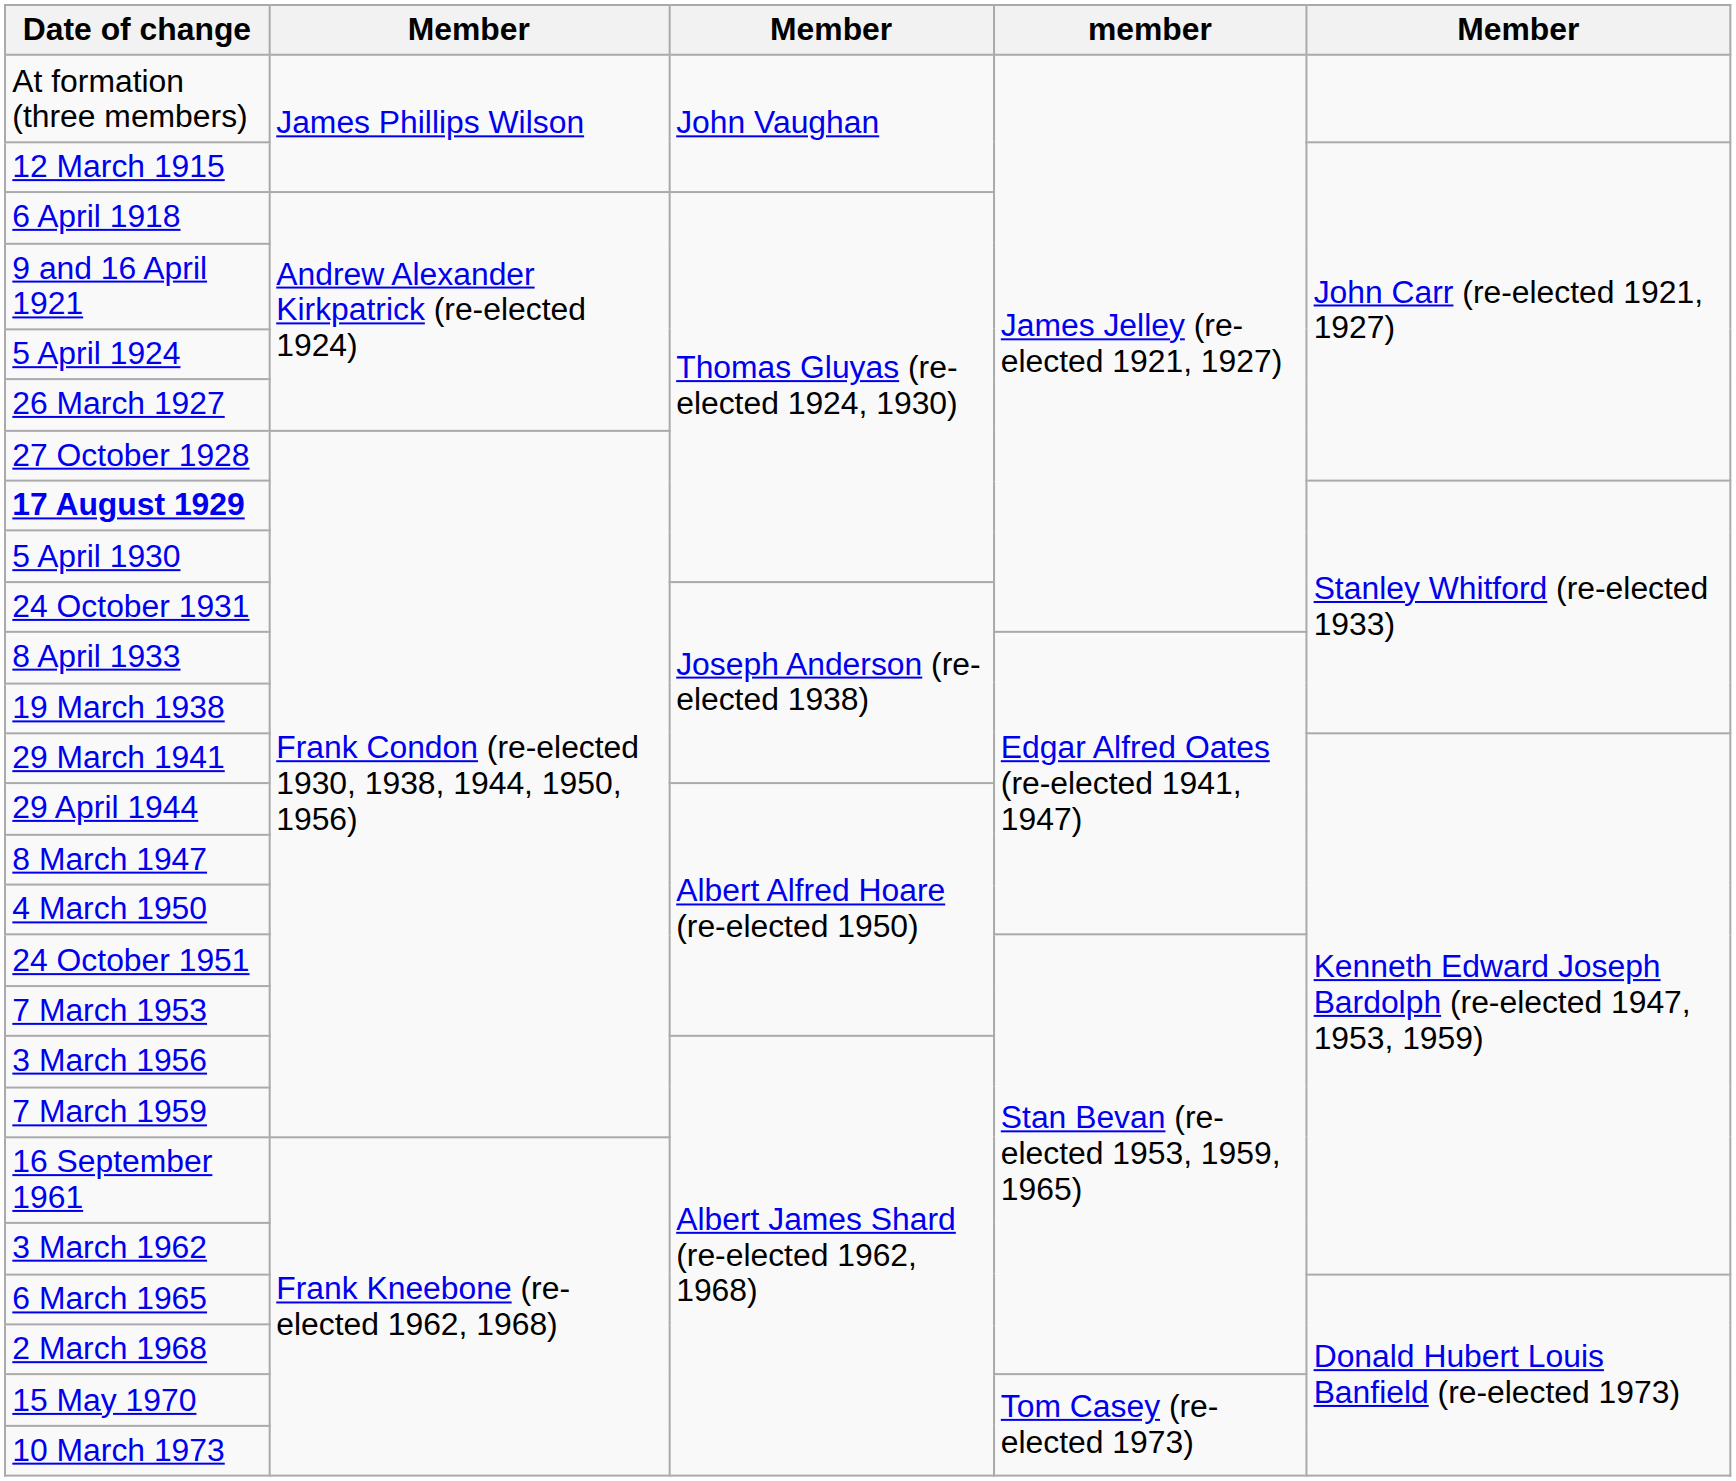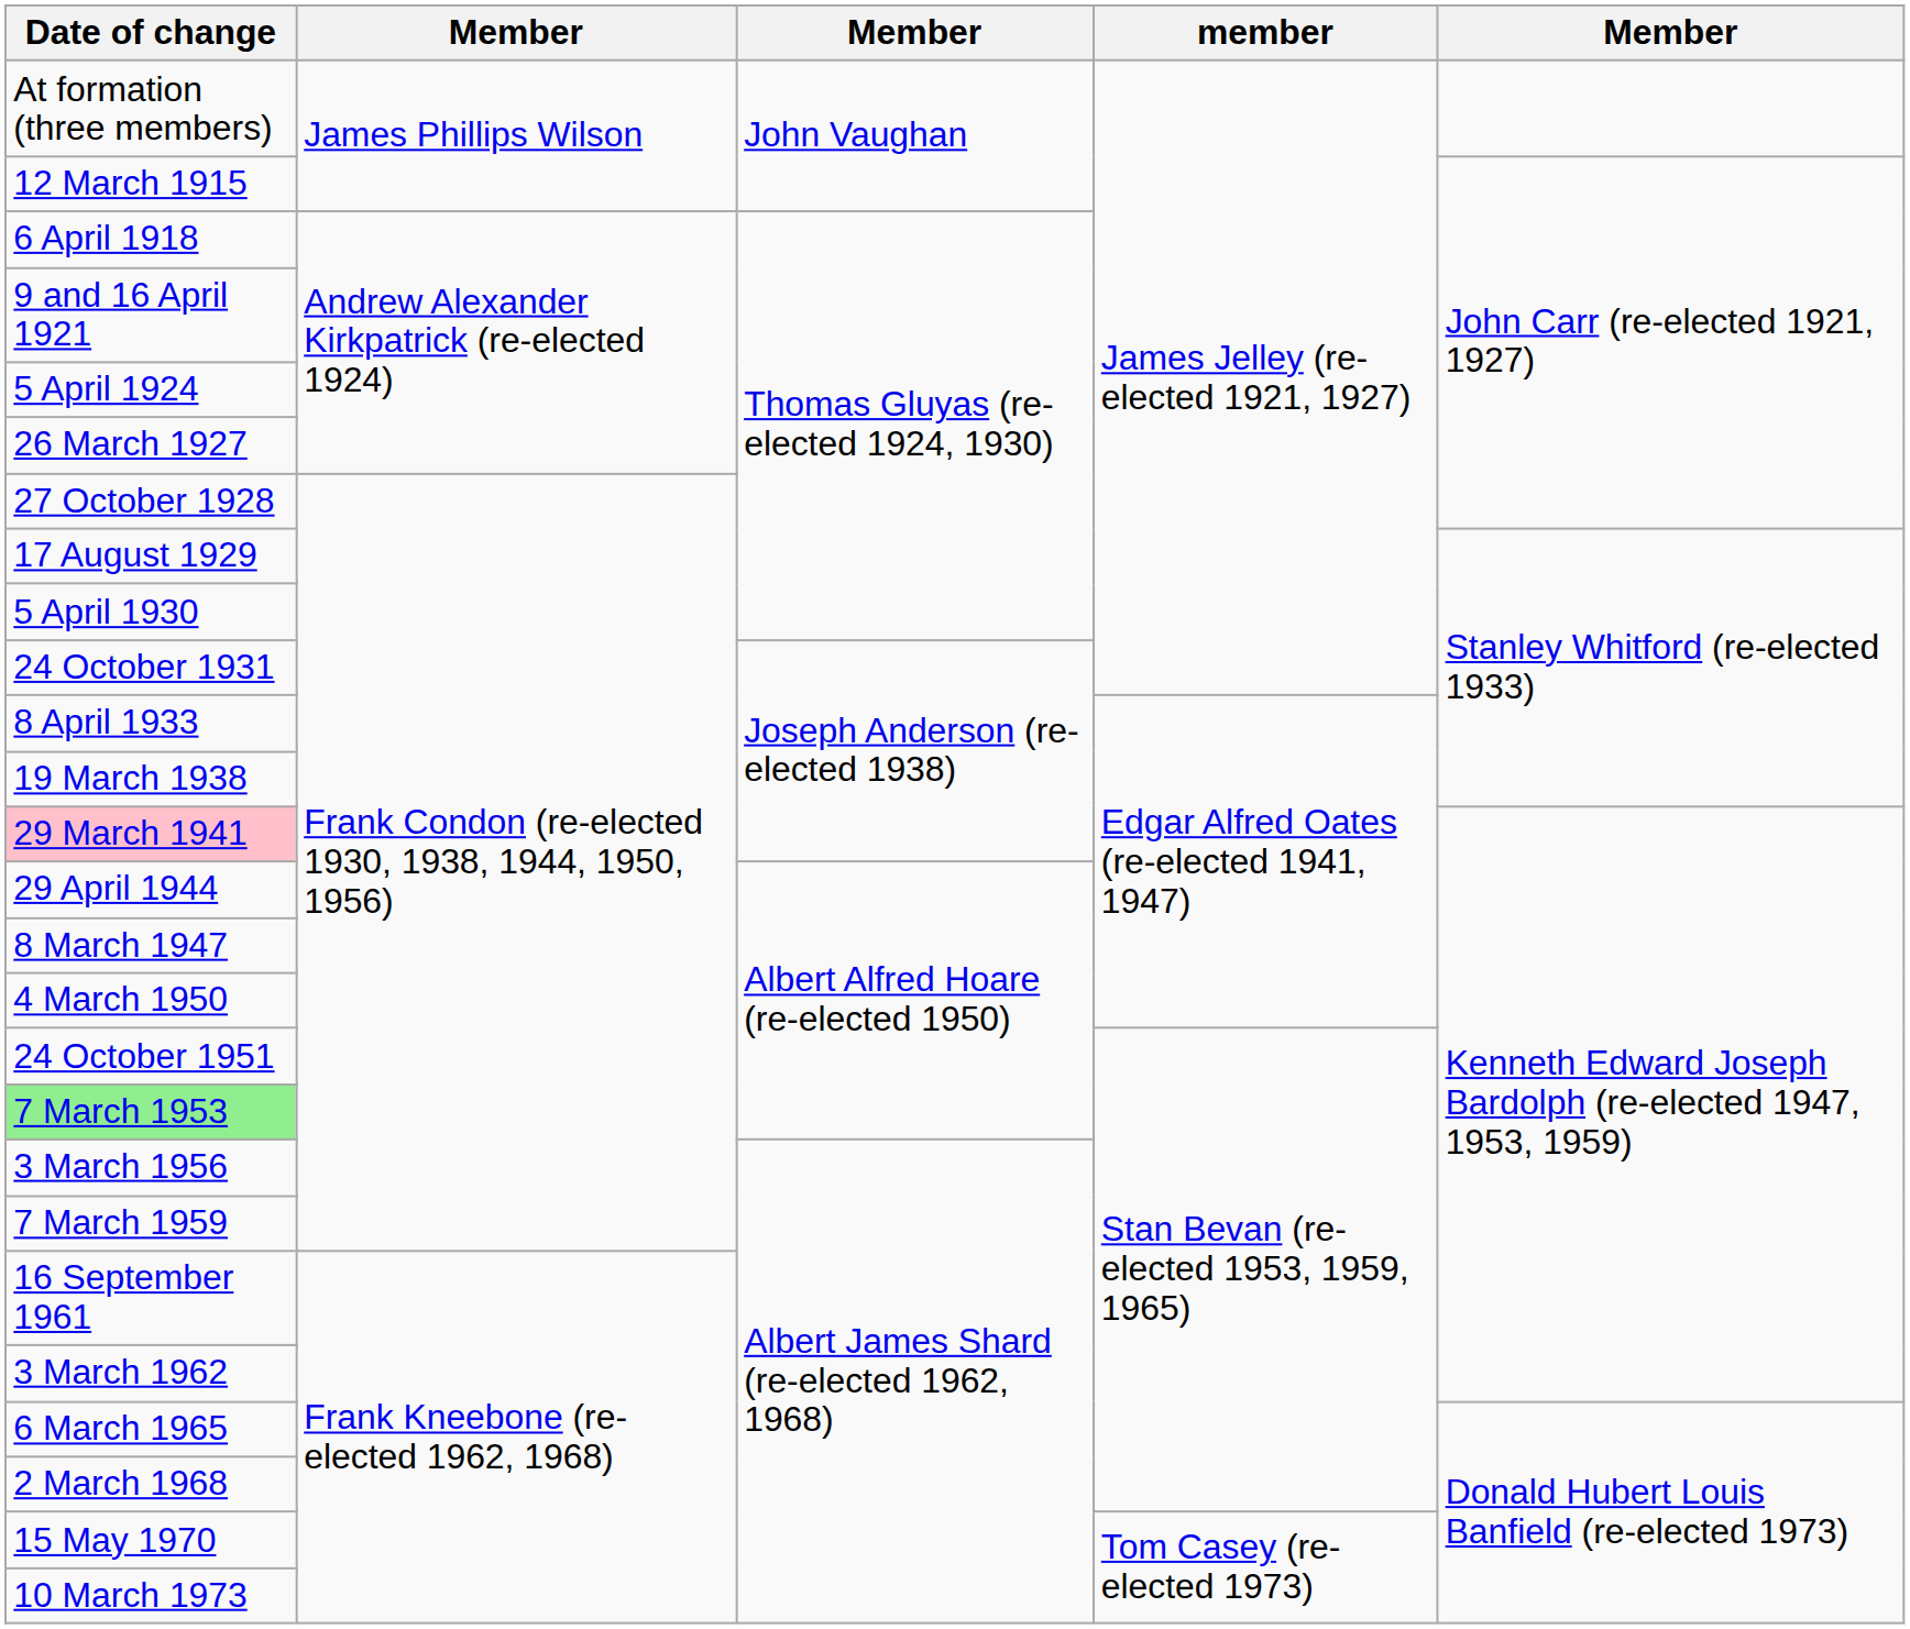 <table class="wikitable">
 <tr>
 <th>Date of change</th>
 <th>Member</th>
 <th>Member</th>
 <th>member</th>
 <th>Member</th>
 </tr>
 <tr>
 <td>At formation (three members)</td>
 <td rowspan=2><a href='#'>James Phillips Wilson</a></td>
 <td rowspan=2><a href='#'>John Vaughan</a></td>
 <td rowspan=10><a href='#'>James Jelley</a> (re-elected 1921, 1927)</td>
 </tr>
 <tr>
 <td><a href='#'>12 March 1915</a></td>
 <td rowspan=6><a href='#'>John Carr</a> (re-elected 1921, 1927)</td>
 </tr>
 <tr>
 <td><a href='#'>6 April 1918</a></td>
 <td rowspan=4><a href='#'>Andrew Alexander Kirkpatrick</a> (re-elected 1924)</td>
 <td rowspan=7><a href='#'>Thomas Gluyas</a> (re-elected 1924, 1930)</td>
 </tr>
 <tr>
 <td><a href='#'>9 and 16 April 1921</a></td>
 </tr>
 <tr>
 <td><a href='#'>5 April 1924</a></td>
 </tr>
 <tr>
 <td><a href='#'>26 March 1927</a></td>
 </tr>
 <tr>
 <td><a href='#'>27 October 1928</a></td>
 <td rowspan=14><a href='#'>Frank Condon</a> (re-elected 1930, 1938, 1944, 1950, 1956)</td>
 </tr>
 <tr>
-<td><strong><a href='#'>17 August 1929</a></strong></td>
+<td><a href='#'>17 August 1929</a></td>
 <td rowspan=5><a href='#'>Stanley Whitford</a> (re-elected 1933)</td>
 </tr>
 <tr>
 <td><a href='#'>5 April 1930</a></td>
 </tr>
 <tr>
 <td><a href='#'>24 October 1931</a></td>
 <td rowspan=4><a href='#'>Joseph Anderson</a> (re-elected 1938)</td>
 </tr>
 <tr>
 <td><a href='#'>8 April 1933</a></td>
 <td rowspan=6><a href='#'>Edgar Alfred Oates</a> (re-elected 1941, 1947)</td>
 </tr>
 <tr>
 <td><a href='#'>19 March 1938</a></td>
 </tr>
 <tr>
-<td><a href='#'>29 March 1941</a></td>
+<td style="background: pink;"><a href='#'>29 March 1941</a></td>
 <td rowspan=10><a href='#'>Kenneth Edward Joseph Bardolph</a> (re-elected 1947, 1953, 1959)</td>
 </tr>
 <tr>
 <td><a href='#'>29 April 1944</a></td>
 <td rowspan=5><a href='#'>Albert Alfred Hoare</a> (re-elected 1950)</td>
 </tr>
 <tr>
 <td><a href='#'>8 March 1947</a></td>
 </tr>
 <tr>
 <td><a href='#'>4 March 1950</a></td>
 </tr>
 <tr>
 <td><a href='#'>24 October 1951</a></td>
 <td rowspan=8><a href='#'>Stan Bevan</a> (re-elected 1953, 1959, 1965)</td>
 </tr>
 <tr>
-<td><a href='#'>7 March 1953</a></td>
+<td style="background: lightgreen;"><a href='#'>7 March 1953</a></td>
 </tr>
 <tr>
 <td><a href='#'>3 March 1956</a></td>
 <td rowspan=8><a href='#'>Albert James Shard</a> (re-elected 1962, 1968)</td>
 </tr>
 <tr>
 <td><a href='#'>7 March 1959</a></td>
 </tr>
 <tr>
 <td><a href='#'>16 September 1961</a></td>
 <td rowspan=6><a href='#'>Frank Kneebone</a> (re-elected 1962, 1968)</td>
 </tr>
 <tr>
 <td><a href='#'>3 March 1962</a></td>
 </tr>
 <tr>
 <td><a href='#'>6 March 1965</a></td>
 <td rowspan=4><a href='#'>Donald Hubert Louis Banfield</a> (re-elected 1973)</td>
 </tr>
 <tr>
 <td><a href='#'>2 March 1968</a></td>
 </tr>
 <tr>
 <td><a href='#'>15 May 1970</a></td>
 <td rowspan=2><a href='#'>Tom Casey</a> (re-elected 1973)</td>
 </tr>
 <tr>
 <td><a href='#'>10 March 1973</a></td>
 </tr>
 </table>
